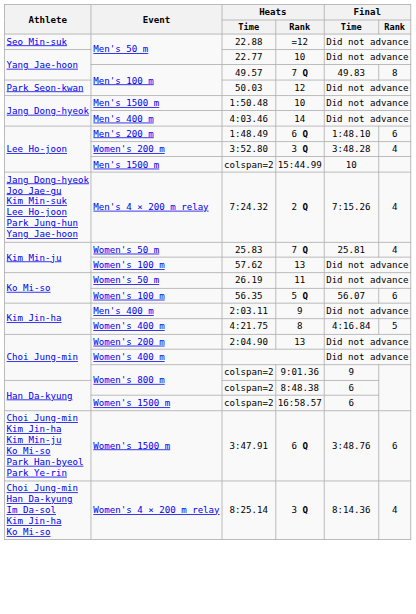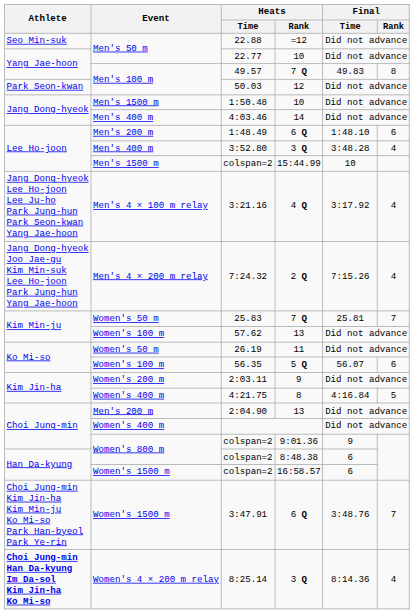 <table class=wikitable style="font-size:90%; text-align:center;">
 <tr>
 <th rowspan="2">Athlete</th>
 <th rowspan="2">Event</th>
 <th colspan="2">Heats</th>
 <th colspan="2">Final</th>
 </tr>
 <tr style=font-size:95%>
 <th>Time</th>
 <th>Rank</th>
 <th>Time</th>
 <th>Rank</th>
 </tr>
 <tr>
 <td align=left><a href='#'>Seo Min-suk</a></td>
 <td align=left rowspan=2><a href='#'>Men's 50 m</a></td>
 <td>22.88</td>
 <td>=12</td>
 <td colspan=2>Did not advance</td>
 </tr>
 <tr>
 <td align=left rowspan=2><a href='#'>Yang Jae-hoon</a></td>
 <td>22.77</td>
 <td>10</td>
 <td colspan=2>Did not advance</td>
 </tr>
 <tr>
 <td align=left rowspan=2><a href='#'>Men's 100 m</a></td>
 <td>49.57</td>
 <td>7 <strong>Q</strong></td>
 <td>49.83</td>
 <td>8</td>
 </tr>
 <tr>
 <td align=left><a href='#'>Park Seon-kwan</a></td>
 <td>50.03</td>
 <td>12</td>
 <td colspan=2>Did not advance</td>
 </tr>
 <tr>
 <td align=left rowspan=2><a href='#'>Jang Dong-hyeok</a></td>
 <td align=left><a href='#'>Men's 1500 m</a></td>
 <td>1:50.48</td>
 <td>10</td>
 <td colspan=2>Did not advance</td>
 </tr>
 <tr>
 <td align=left><a href='#'>Men's 400 m</a></td>
 <td>4:03.46</td>
 <td>14</td>
 <td colspan=2>Did not advance</td>
 </tr>
 <tr>
 <td align=left rowspan=3><a href='#'>Lee Ho-joon</a></td>
 <td align=left><a href='#'>Men's 200 m</a></td>
 <td>1:48.49</td>
 <td>6 <strong>Q</strong></td>
 <td>1:48.10</td>
 <td>6</td>
 </tr>
 <tr>
-<td align=left><a href='#'>Women's 200 m</a></td>
+<td align=left><a href='#'>Men's 400 m</a></td>
 <td>3:52.80</td>
 <td>3 <strong>Q</strong></td>
 <td>3:48.28</td>
 <td>4</td>
 </tr>
 <tr>
 <td align=left><a href='#'>Men's 1500 m</a></td>
 <td>colspan=2</td>
 <td>15:44.99</td>
 <td>10</td>
+</tr>
+<tr>
+<td align=left><a href='#'>Jang Dong-hyeok</a><br><a href='#'>Lee Ho-joon</a><br><a href='#'>Lee Ju-ho</a><br><a href='#'>Park Jung-hun</a><br><a href='#'>Park Seon-kwan</a><br><a href='#'>Yang Jae-hoon</a></td>
+<td align=left><a href='#'>Men's 4 × 100 m relay</a></td>
+<td>3:21.16</td>
+<td>4 <strong>Q</strong></td>
+<td>3:17.92</td>
+<td>4</td>
 </tr>
 <tr>
 <td align=left><a href='#'>Jang Dong-hyeok</a><br><a href='#'>Joo Jae-gu</a><br><a href='#'>Kim Min-suk</a><br><a href='#'>Lee Ho-joon</a><br><a href='#'>Park Jung-hun</a><br><a href='#'>Yang Jae-hoon</a></td>
 <td align=left><a href='#'>Men's 4 × 200 m relay</a></td>
 <td>7:24.32</td>
 <td>2 <strong>Q</strong></td>
 <td>7:15.26</td>
 <td>4</td>
 </tr>
 <tr>
 <td align=left rowspan=2><a href='#'>Kim Min-ju</a></td>
 <td align=left><a href='#'>Women's 50 m</a></td>
 <td>25.83</td>
 <td>7 <strong>Q</strong></td>
 <td>25.81</td>
-<td>4</td>
+<td>7</td>
 </tr>
 <tr>
 <td align=left><a href='#'>Women's 100 m</a></td>
 <td>57.62</td>
 <td>13</td>
 <td colspan=2>Did not advance</td>
 </tr>
 <tr>
 <td align=left rowspan=2><a href='#'>Ko Mi-so</a></td>
 <td align=left><a href='#'>Women's 50 m</a></td>
 <td>26.19</td>
 <td>11</td>
 <td colspan=2>Did not advance</td>
 </tr>
 <tr>
 <td align=left><a href='#'>Women's 100 m</a></td>
 <td>56.35</td>
 <td>5 <strong>Q</strong></td>
 <td>56.07</td>
 <td>6</td>
 </tr>
 <tr>
 <td align=left rowspan=2><a href='#'>Kim Jin-ha</a></td>
-<td align=left><a href='#'>Men's 400 m</a></td>
+<td align=left><a href='#'>Women's 200 m</a></td>
 <td>2:03.11</td>
 <td>9</td>
 <td colspan=2>Did not advance</td>
 </tr>
 <tr>
 <td align=left><a href='#'>Women's 400 m</a></td>
 <td>4:21.75</td>
 <td>8</td>
 <td>4:16.84</td>
 <td>5</td>
 </tr>
 <tr>
 <td align=left rowspan=3><a href='#'>Choi Jung-min</a></td>
-<td align=left><a href='#'>Women's 200 m</a></td>
+<td align=left><a href='#'>Men's 200 m</a></td>
 <td>2:04.90</td>
 <td>13</td>
 <td colspan=2>Did not advance</td>
 </tr>
 <tr>
 <td align=left><a href='#'>Women's 400 m</a></td>
 <td colspan=2></td>
 <td colspan=2>Did not advance</td>
 </tr>
 <tr>
 <td align=left rowspan=2><a href='#'>Women's 800 m</a></td>
 <td>colspan=2</td>
 <td>9:01.36</td>
 <td>9</td>
 </tr>
 <tr>
 <td align=left rowspan=2><a href='#'>Han Da-kyung</a></td>
 <td>colspan=2</td>
 <td>8:48.38</td>
 <td>6</td>
 </tr>
 <tr>
 <td align=left><a href='#'>Women's 1500 m</a></td>
 <td>colspan=2</td>
 <td>16:58.57</td>
 <td>6</td>
 </tr>
 <tr>
 <td align=left><a href='#'>Choi Jung-min</a><br><a href='#'>Kim Jin-ha</a><br><a href='#'>Kim Min-ju</a><br><a href='#'>Ko Mi-so</a><br><a href='#'>Park Han-byeol</a><br><a href='#'>Park Ye-rin</a></td>
 <td align=left><a href='#'>Women's 1500 m</a></td>
 <td>3:47.91</td>
 <td>6 <strong>Q</strong></td>
 <td>3:48.76</td>
-<td>6</td>
+<td>7</td>
 </tr>
 <tr>
-<td align=left><a href='#'>Choi Jung-min</a><br><a href='#'>Han Da-kyung</a><br><a href='#'>Im Da-sol</a><br><a href='#'>Kim Jin-ha</a><br><a href='#'>Ko Mi-so</a></td>
+<td align=left><strong><a href='#'>Choi Jung-min</a><br><a href='#'>Han Da-kyung</a><br><a href='#'>Im Da-sol</a><br><a href='#'>Kim Jin-ha</a><br><a href='#'>Ko Mi-so</a></strong></td>
 <td align=left><a href='#'>Women's 4 × 200 m relay</a></td>
 <td>8:25.14</td>
 <td>3 <strong>Q</strong></td>
 <td>8:14.36</td>
 <td>4</td>
 </tr>
 </table>
